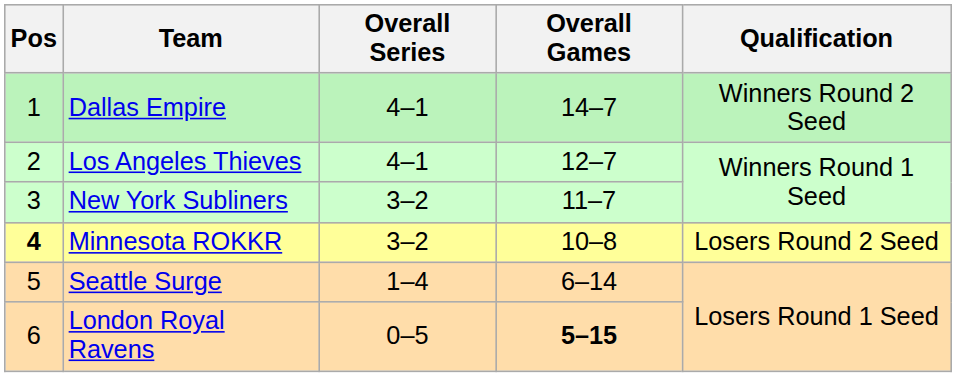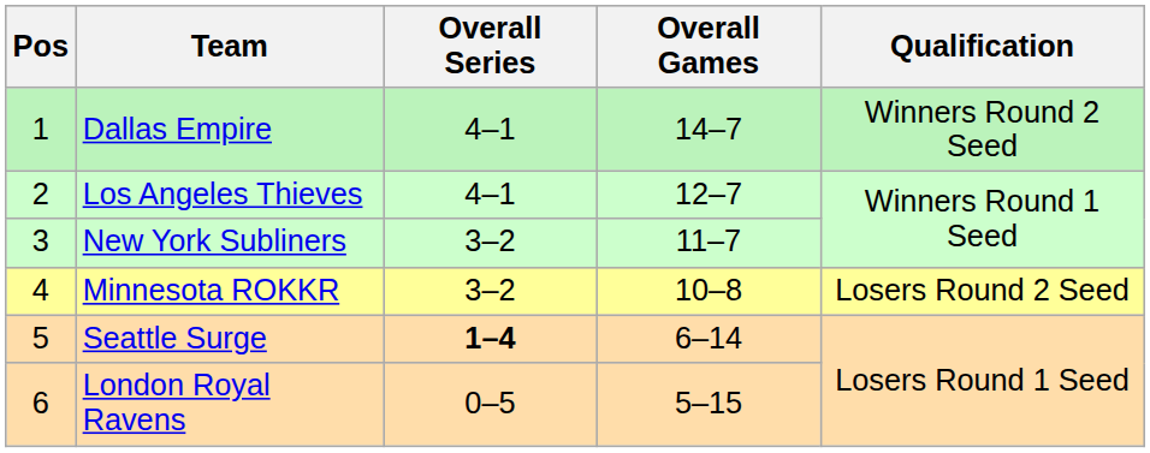 <table class="wikitable" width="600px" style="text-align:center">
 <tr>
 <th>Pos</th>
 <th>Team</th>
 <th>Overall Series</th>
 <th>Overall Games</th>
 <th>Qualification</th>
 </tr>
 <tr style="background:#BBF3BB;">
 <td>1</td>
 <td style="text-align:left"><a href='#'>Dallas Empire</a></td>
 <td>4–1</td>
 <td>14–7</td>
 <td>Winners Round 2 Seed</td>
 </tr>
 <tr style="background:#CCFFCC;">
 <td>2</td>
 <td style="text-align:left"><a href='#'>Los Angeles Thieves</a></td>
 <td>4–1</td>
 <td>12–7</td>
 <td rowspan="2">Winners Round 1 Seed</td>
 </tr>
 <tr style="background:#CCFFCC;">
 <td>3</td>
 <td style="text-align:left; background:#CCFFCC;"><a href='#'>New York Subliners</a></td>
 <td>3–2</td>
 <td>11–7</td>
 </tr>
 <tr style="background:#FFFF99;">
-<td><strong>4</strong></td>
+<td>4</td>
 <td style="text-align:left; background:#FFFF99;"><a href='#'>Minnesota ROKKR</a></td>
 <td>3–2</td>
 <td>10–8</td>
 <td>Losers Round 2 Seed</td>
 </tr>
 <tr style="background:#FFDDAA;">
 <td>5</td>
 <td style="text-align:left"><a href='#'>Seattle Surge</a></td>
-<td>1–4</td>
+<td><strong>1–4</strong></td>
 <td>6–14</td>
 <td rowspan="2">Losers Round 1 Seed</td>
 </tr>
 <tr style="background:#FFDDAA;">
 <td>6</td>
 <td style="text-align:left"><a href='#'>London Royal Ravens</a></td>
 <td>0–5</td>
-<td><strong>5–15</strong></td>
+<td>5–15</td>
 </tr>
 </table>
